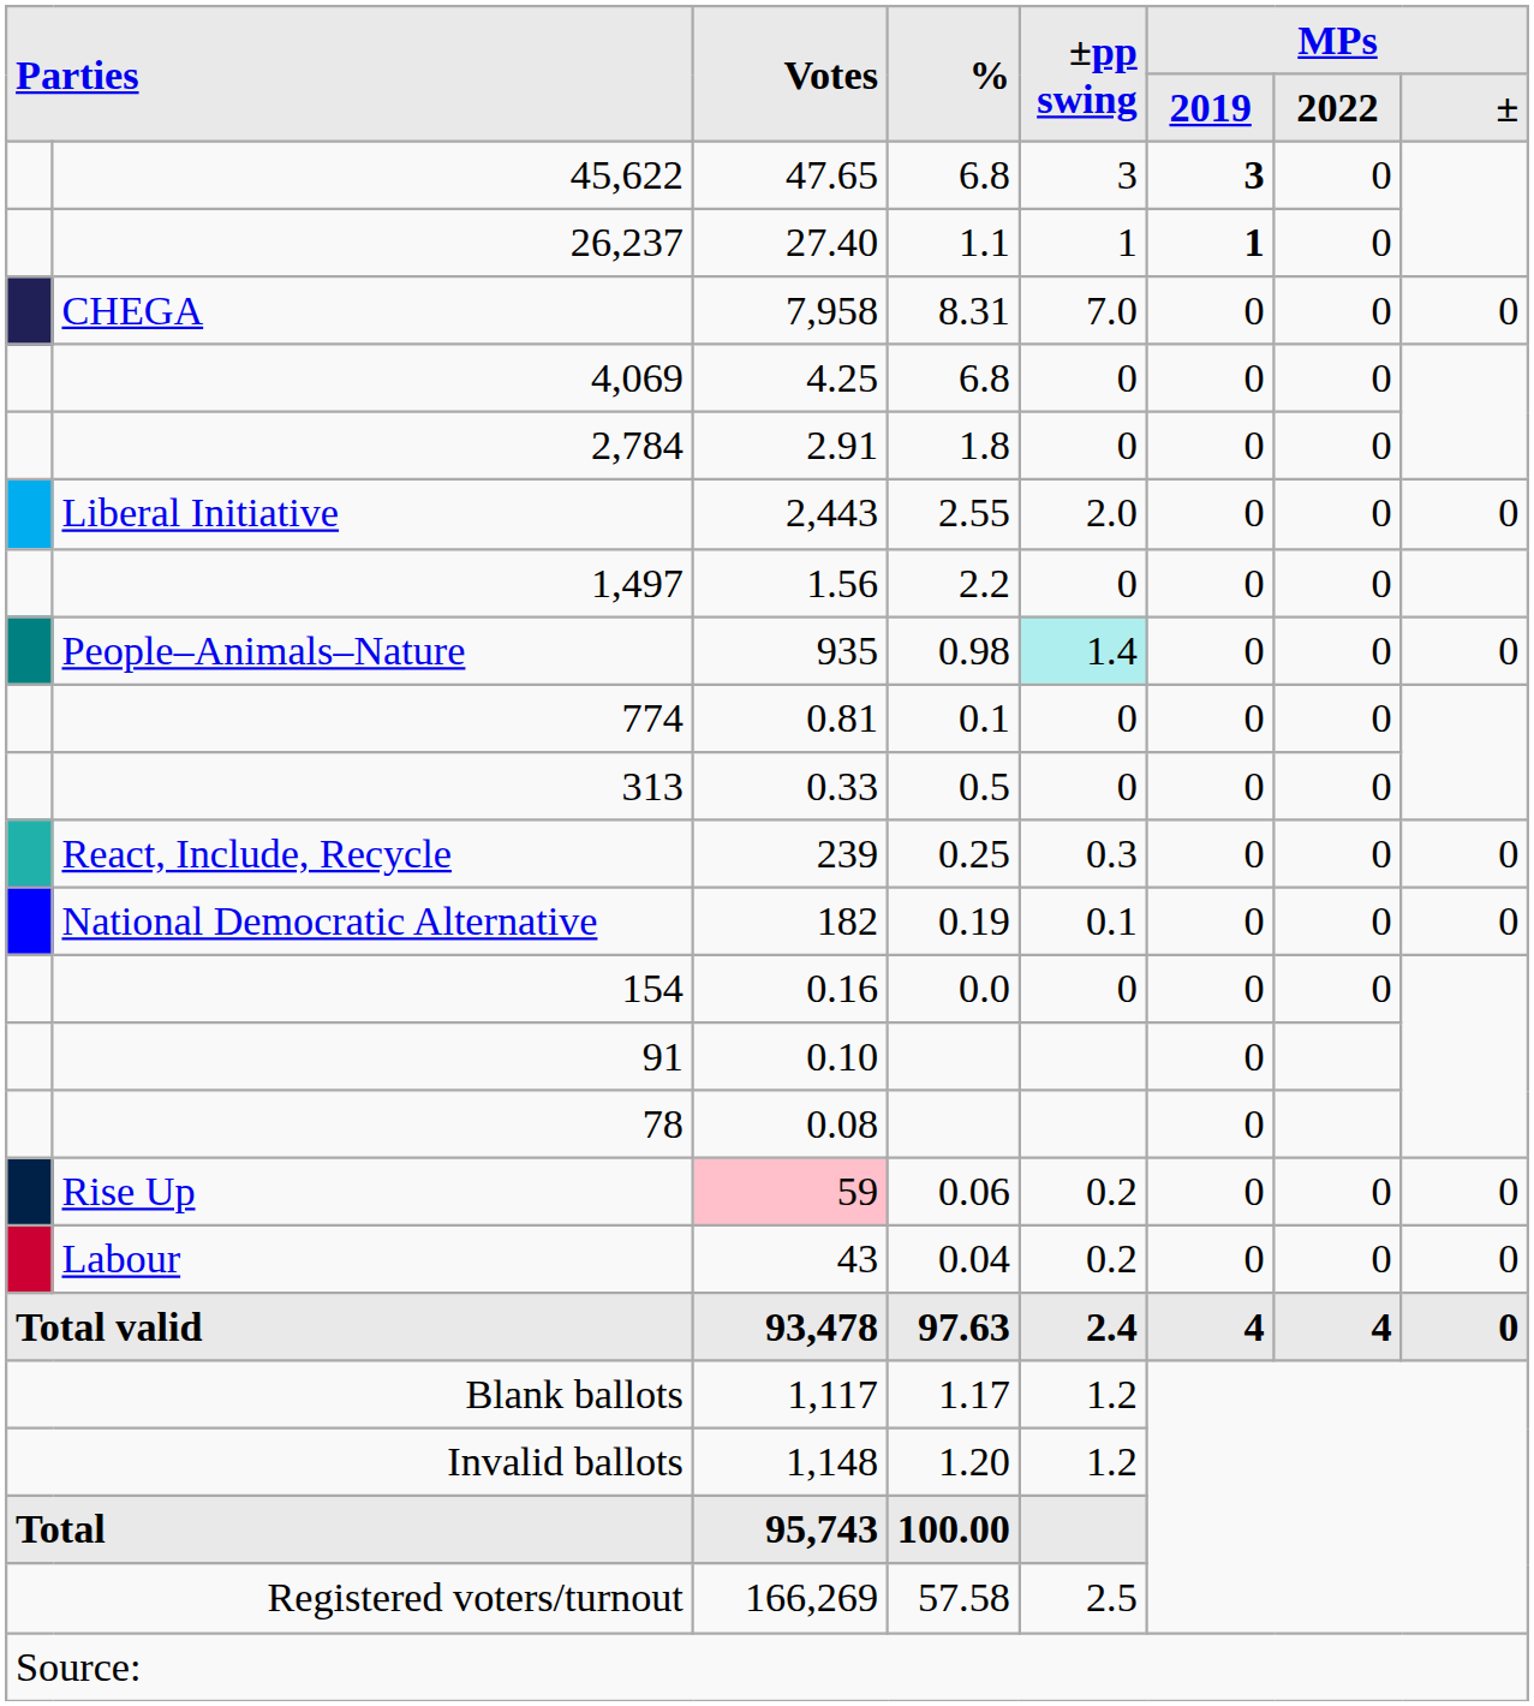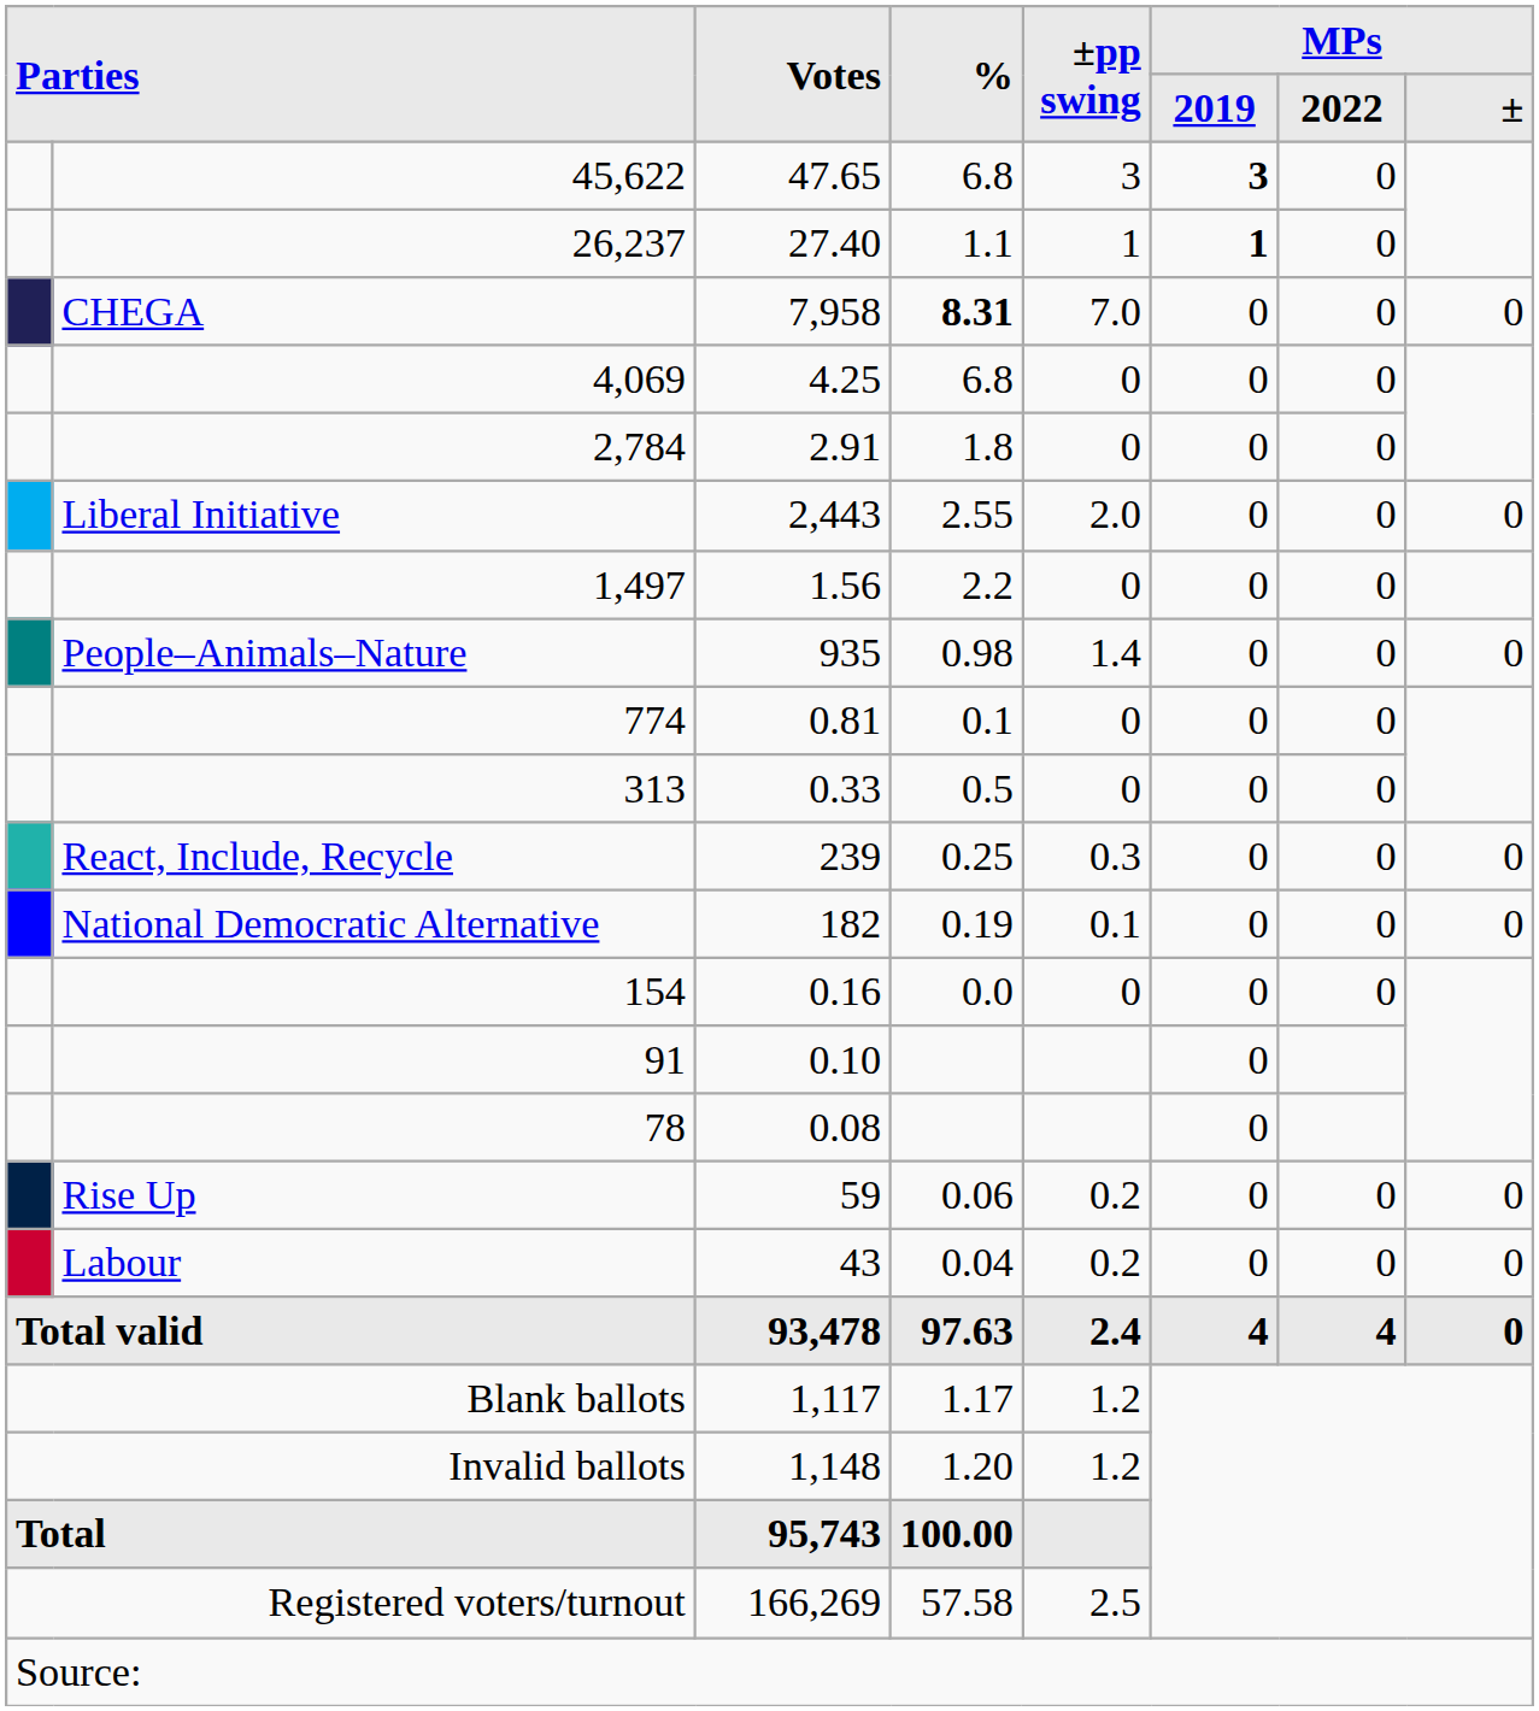 <table class="wikitable" style="text-align:right; font-size:95%;">
 <tr>
 <th rowspan="2" colspan="2" style="background:#e9e9e9; text-align:left;" alignleft><a href='#'>Parties</a></th>
 <th rowspan="2" style="background:#e9e9e9; text-align:right;">Votes</th>
 <th rowspan="2" style="background:#e9e9e9; text-align:right;">%</th>
 <th rowspan="2" style="background:#e9e9e9; text-align:right;">±<a href='#'>pp</a> <a href='#'>swing</a></th>
 <th colspan="3" style="background:#e9e9e9; text-align:center;"><a href='#'>MPs</a></th>
 </tr>
 <tr style="background-color:#E9E9E9">
 <th style="background-color:#E9E9E9;text-align:center;"><a href='#'>2019</a></th>
 <th style="background-color:#E9E9E9;text-align:center;">2022</th>
 <th style="background:#e9e9e9; text-align:right;">±</th>
 </tr>
 <tr>
 <td></td>
 <td>45,622</td>
 <td>47.65</td>
 <td>6.8</td>
 <td>3</td>
 <td><strong>3</strong></td>
 <td>0</td>
 </tr>
 <tr>
 <td></td>
 <td>26,237</td>
 <td>27.40</td>
 <td>1.1</td>
 <td>1</td>
 <td><strong>1</strong></td>
 <td>0</td>
 </tr>
 <tr>
 <td style="width: 10px" bgcolor="#202056" align="center"></td>
 <td align="left"><a href='#'>CHEGA</a></td>
 <td>7,958</td>
-<td>8.31</td>
+<td><strong>8.31</strong></td>
 <td>7.0</td>
 <td>0</td>
 <td>0</td>
 <td>0</td>
 </tr>
 <tr>
 <td></td>
 <td>4,069</td>
 <td>4.25</td>
 <td>6.8</td>
 <td>0</td>
 <td>0</td>
 <td>0</td>
 </tr>
 <tr>
 <td></td>
 <td>2,784</td>
 <td>2.91</td>
 <td>1.8</td>
 <td>0</td>
 <td>0</td>
 <td>0</td>
 </tr>
 <tr>
 <td style="width: 10px" bgcolor="#00ADEF" align="center"></td>
 <td align="left"><a href='#'>Liberal Initiative</a></td>
 <td>2,443</td>
 <td>2.55</td>
 <td>2.0</td>
 <td>0</td>
 <td>0</td>
 <td>0</td>
 </tr>
 <tr>
 <td></td>
 <td>1,497</td>
 <td>1.56</td>
 <td>2.2</td>
 <td>0</td>
 <td>0</td>
 <td>0</td>
 </tr>
 <tr>
 <td style="width: 10px" bgcolor="teal" align="center"></td>
 <td align="left"><a href='#'>People–Animals–Nature</a></td>
 <td>935</td>
 <td>0.98</td>
-<td style="background: paleturquoise;">1.4</td>
+<td>1.4</td>
 <td>0</td>
 <td>0</td>
 <td>0</td>
 </tr>
 <tr>
 <td></td>
 <td>774</td>
 <td>0.81</td>
 <td>0.1</td>
 <td>0</td>
 <td>0</td>
 <td>0</td>
 </tr>
 <tr>
 <td></td>
 <td>313</td>
 <td>0.33</td>
 <td>0.5</td>
 <td>0</td>
 <td>0</td>
 <td>0</td>
 </tr>
 <tr>
 <td style="width: 10px" bgcolor="LightSeaGreen" align="center"></td>
 <td align="left"><a href='#'>React, Include, Recycle</a></td>
 <td>239</td>
 <td>0.25</td>
 <td>0.3</td>
 <td>0</td>
 <td>0</td>
 <td>0</td>
 </tr>
 <tr>
 <td style="width: 10px" bgcolor="blue" align="center"></td>
 <td align="left"><a href='#'>National Democratic Alternative</a></td>
 <td>182</td>
 <td>0.19</td>
 <td>0.1</td>
 <td>0</td>
 <td>0</td>
 <td>0</td>
 </tr>
 <tr>
 <td></td>
 <td>154</td>
 <td>0.16</td>
 <td>0.0</td>
 <td>0</td>
 <td>0</td>
 <td>0</td>
 </tr>
 <tr>
 <td></td>
 <td>91</td>
 <td>0.10</td>
 <td></td>
 <td></td>
 <td>0</td>
 <td></td>
 </tr>
 <tr>
 <td></td>
 <td>78</td>
 <td>0.08</td>
 <td></td>
 <td></td>
 <td>0</td>
 <td></td>
 </tr>
 <tr>
 <td style="width: 10px" bgcolor="#002147" align="center"></td>
 <td align="left"><a href='#'>Rise Up</a></td>
-<td style="background: pink;">59</td>
+<td>59</td>
 <td>0.06</td>
 <td>0.2</td>
 <td>0</td>
 <td>0</td>
 <td>0</td>
 </tr>
 <tr>
 <td style="width: 10px" bgcolor="#CC0033" align="center"></td>
 <td align="left"><a href='#'>Labour</a></td>
 <td>43</td>
 <td>0.04</td>
 <td>0.2</td>
 <td>0</td>
 <td>0</td>
 <td>0</td>
 </tr>
 <tr>
 <td colspan=2 width="247" align=left style="background-color:#E9E9E9"><strong>Total valid</strong></td>
 <td width="65" align="right" style="background-color:#E9E9E9"><strong>93,478</strong></td>
 <td width="40" align="right" style="background-color:#E9E9E9"><strong>97.63</strong></td>
 <td width="40" align="right" style="background-color:#E9E9E9"><strong>2.4</strong></td>
 <td width="40" align="right" style="background-color:#E9E9E9"><strong>4</strong></td>
 <td width="40" align="right" style="background-color:#E9E9E9"><strong>4</strong></td>
 <td width="40" align="right" style="background-color:#E9E9E9"><strong>0</strong></td>
 </tr>
 <tr>
 <td colspan=2>Blank ballots</td>
 <td>1,117</td>
 <td>1.17</td>
 <td>1.2</td>
 <td colspan=4 rowspan=4></td>
 </tr>
 <tr>
 <td colspan=2>Invalid ballots</td>
 <td>1,148</td>
 <td>1.20</td>
 <td>1.2</td>
 </tr>
 <tr>
 <td colspan=2 align=left style="background-color:#E9E9E9"><strong>Total</strong></td>
 <td width="50" align="right" style="background-color:#E9E9E9"><strong>95,743</strong></td>
 <td width="40" align="right" style="background-color:#E9E9E9"><strong>100.00</strong></td>
 <td width="40" align="right" style="background-color:#E9E9E9"></td>
 </tr>
 <tr>
 <td colspan=2>Registered voters/turnout</td>
 <td>166,269</td>
 <td>57.58</td>
 <td>2.5</td>
 </tr>
 <tr>
 <td colspan=11 align=left>Source: </td>
 </tr>
 </table>
